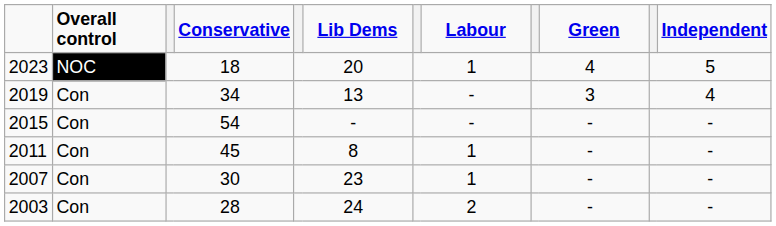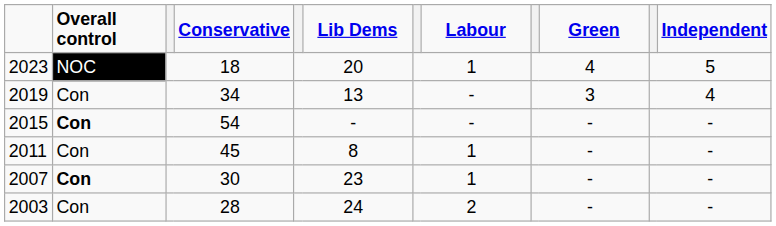 <table class="wikitable" style="text-align:left; padding-left:1em; font-size: 95%">
 <tr>
 <td width=32></td>
 <td width=90><strong>Overall control</strong></td>
 <th style="background-color: "></th>
 <td width=87 align="center"><strong><a href='#'>Conservative</a></strong></td>
 <th style="background-color: "></th>
 <td width=87 align="center"><strong><a href='#'>Lib Dems</a></strong></td>
 <th style="background-color: "></th>
 <td width=87 align="center"><strong><a href='#'>Labour</a></strong></td>
 <th style="background-color: "></th>
 <td width=87 align="center"><strong><a href='#'>Green</a></strong></td>
 <th style="background-color: "></th>
 <td width=87 align="center"><strong><a href='#'>Independent</a></strong></td>
 </tr>
 <tr>
 <td>2023</td>
 <td style="background:black; color:white">NOC</td>
 <td colspan=2 align="center">18</td>
 <td colspan=2 align="center">20</td>
 <td colspan=2 align="center">1</td>
 <td colspan=2 align="center">4</td>
 <td colspan=2 align="center">5</td>
 </tr>
 <tr>
 <td>2019</td>
 <td style="background:">Con</td>
 <td colspan=2 align="center">34</td>
 <td colspan=2 align="center">13</td>
 <td colspan=2 align="center">-</td>
 <td colspan=2 align="center">3</td>
 <td colspan=2 align="center">4</td>
 </tr>
 <tr>
 <td>2015</td>
-<td style="background:">Con</td>
+<td style="background:"><strong>Con</strong></td>
 <td colspan=2 align="center">54</td>
 <td colspan=2 align="center">-</td>
 <td colspan=2 align="center">-</td>
 <td colspan=2 align="center">-</td>
 <td colspan=2 align="center">-</td>
 </tr>
 <tr>
 <td>2011</td>
 <td style="background:">Con</td>
 <td colspan=2 align="center">45</td>
 <td colspan=2 align="center">8</td>
 <td colspan=2 align="center">1</td>
 <td colspan=2 align="center">-</td>
 <td colspan=2 align="center">-</td>
 </tr>
 <tr>
 <td>2007</td>
-<td style="background:">Con</td>
+<td style="background:"><strong>Con</strong></td>
 <td colspan=2 align="center">30</td>
 <td colspan=2 align="center">23</td>
 <td colspan=2 align="center">1</td>
 <td colspan=2 align="center">-</td>
 <td colspan=2 align="center">-</td>
 </tr>
 <tr>
 <td>2003</td>
 <td style="background:">Con</td>
 <td colspan=2 align="center">28</td>
 <td colspan=2 align="center">24</td>
 <td colspan=2 align="center">2</td>
 <td colspan=2 align="center">-</td>
 <td colspan=2 align="center">-</td>
 </tr>
 </table>
